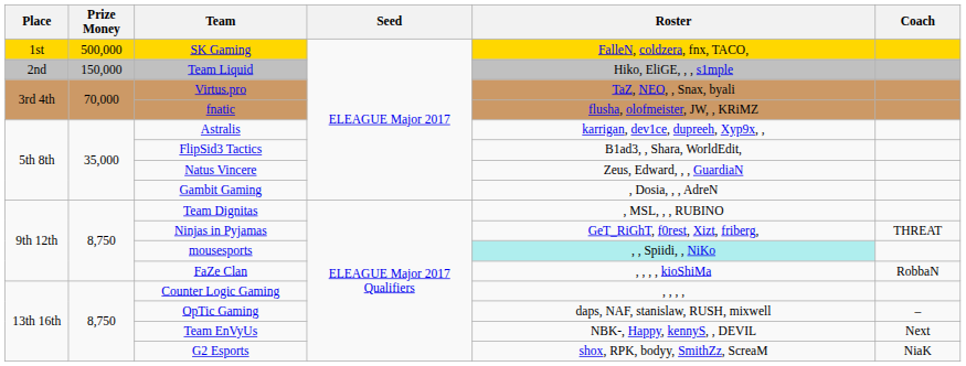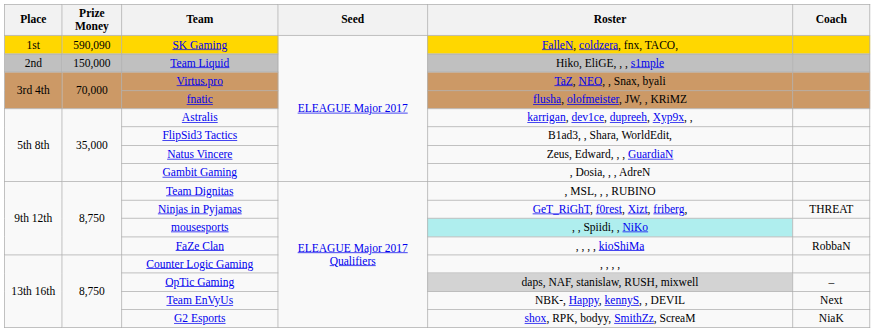 <table class="wikitable" style="text-align:center">
 <tr>
 <th width="73px">Place</th>
 <th width="75">Prize Money</th>
 <th width="210">Team</th>
 <th width="200px">Seed</th>
 <th width="500px">Roster</th>
 <th width="100">Coach</th>
 </tr>
 <tr>
 <td style="text-align:center; background:gold;">1st</td>
-<td style="text-align:center; background:gold;">500,000</td>
+<td style="text-align:center; background:gold;">590,090</td>
 <td style="text-align:center; background:gold;"><a href='#'>SK Gaming</a></td>
 <td style="text-align:center" rowspan="8"><a href='#'>ELEAGUE Major 2017</a></td>
 <td style="text-align:center; background:gold;"><a href='#'>FalleN</a>,  <a href='#'>coldzera</a>,  fnx,  TACO,  </td>
 <td style="text-align:center; background:gold;"></td>
 </tr>
 <tr>
 <td style="text-align:center; background:silver;">2nd</td>
 <td style="text-align:center; background:silver;">150,000</td>
 <td style="text-align:center; background:silver;"><a href='#'>Team Liquid</a></td>
 <td style="text-align:center; background:silver;">Hiko,  EliGE,  ,  ,  <a href='#'>s1mple</a></td>
 <td style="text-align:center; background:silver;"></td>
 </tr>
 <tr>
 <td style="text-align:center; background:#c96;" rowspan="2">3rd  4th</td>
 <td style="text-align:center; background:#c96;" rowspan="2">70,000</td>
 <td style="text-align:center; background:#c96;"><a href='#'>Virtus.pro</a></td>
 <td style="text-align:center; background:#c96;"><a href='#'>TaZ</a>,  <a href='#'>NEO</a>,  ,  Snax,  byali</td>
 <td style="text-align:center; background:#c96;"></td>
 </tr>
 <tr>
 <td style="text-align:center; background:#c96;"><a href='#'>fnatic</a></td>
 <td style="text-align:center; background:#c96;"><a href='#'>flusha</a>,  <a href='#'>olofmeister</a>,  JW,  ,  KRiMZ</td>
 <td style="text-align:center; background:#c96;"></td>
 </tr>
 <tr>
 <td style="text-align:center" rowspan="4">5th  8th</td>
 <td style="text-align:center" rowspan="4">35,000</td>
 <td style="text-align:center;"><a href='#'>Astralis</a></td>
 <td style="text-align:center;"><a href='#'>karrigan</a>,  <a href='#'>dev1ce</a>,  <a href='#'>dupreeh</a>,  <a href='#'>Xyp9x</a>,  ,  </td>
 <td style="text-align:center;"></td>
 </tr>
 <tr>
 <td style="text-align:center;"><a href='#'>FlipSid3 Tactics</a></td>
 <td style="text-align:center;">B1ad3,  ,  Shara,  WorldEdit,  </td>
 <td style="text-align:center;"></td>
 </tr>
 <tr>
 <td style="text-align:center;"><a href='#'>Natus Vincere</a></td>
 <td style="text-align:center;">Zeus,  Edward,  ,  ,  <a href='#'>GuardiaN</a></td>
 <td style="text-align:center;"></td>
 </tr>
 <tr>
 <td style="text-align:center;"><a href='#'>Gambit Gaming</a></td>
 <td style="text-align:center;">,  Dosia,  ,  ,  AdreN</td>
 <td style="text-align:center;"></td>
 </tr>
 <tr>
 <td style="text-align:center" rowspan="4">9th  12th</td>
 <td style="text-align:center" rowspan="4">8,750</td>
 <td style="text-align:center;"><a href='#'>Team Dignitas</a></td>
 <td style="text-align:center" rowspan="8"><a href='#'>ELEAGUE Major 2017 Qualifiers</a></td>
 <td style="text-align:center;">,  MSL,  ,  ,  RUBINO</td>
 <td style="text-align:center;"></td>
 </tr>
 <tr>
 <td style="text-align:center;"><a href='#'>Ninjas in Pyjamas</a></td>
 <td style="text-align:center;"><a href='#'>GeT_RiGhT</a>,  <a href='#'>f0rest</a>,  <a href='#'>Xizt</a>,  <a href='#'>friberg</a>,  </td>
 <td style="text-align:center;">THREAT</td>
 </tr>
 <tr>
 <td style="text-align:center;"><a href='#'>mousesports</a></td>
 <td style="background: paleturquoise; text-align:center;">,  ,  Spiidi,  ,  <a href='#'>NiKo</a></td>
 <td style="text-align:center;"></td>
 </tr>
 <tr>
 <td style="text-align:center;"><a href='#'>FaZe Clan</a></td>
 <td style="text-align:center;">,  ,  ,  ,  <a href='#'>kioShiMa</a></td>
 <td style="text-align:center;">RobbaN</td>
 </tr>
 <tr>
 <td style="text-align:center" rowspan="4">13th  16th</td>
 <td style="text-align:center" rowspan="4">8,750</td>
 <td style="text-align:center;"><a href='#'>Counter Logic Gaming</a></td>
 <td style="text-align:center;">,  ,  ,  ,  </td>
 <td style="text-align:center;"></td>
 </tr>
 <tr>
 <td style="text-align:center;"><a href='#'>OpTic Gaming</a></td>
-<td style="text-align:center;">daps,  NAF,  stanislaw,  RUSH,  mixwell</td>
+<td style="background: lightgrey; text-align:center;">daps,  NAF,  stanislaw,  RUSH,  mixwell</td>
 <td>–</td>
 </tr>
 <tr>
 <td style="text-align:center;"><a href='#'>Team EnVyUs</a></td>
 <td style="text-align:center;">NBK-,  <a href='#'>Happy</a>,  <a href='#'>kennyS</a>,  ,  DEVIL</td>
 <td style="text-align:center;">Next</td>
 </tr>
 <tr>
 <td style="text-align:center;"><a href='#'>G2 Esports</a></td>
 <td style="text-align:center;"><a href='#'>shox</a>,  RPK,  bodyy,  <a href='#'>SmithZz</a>,  ScreaM</td>
 <td style="text-align:center;">NiaK</td>
 </tr>
 </table>
